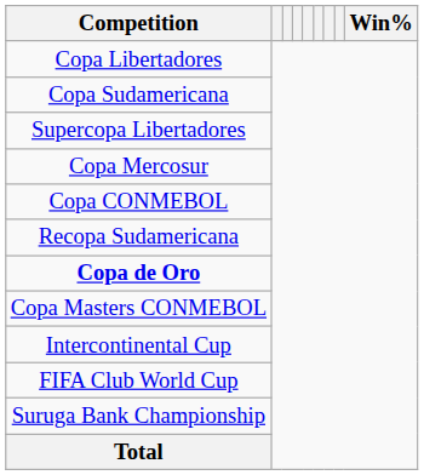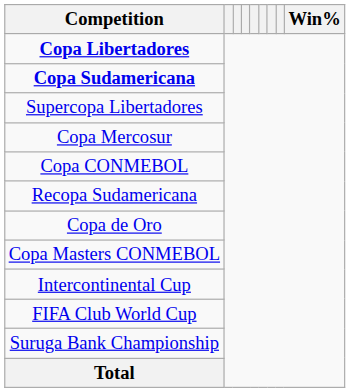 <table class="wikitable sortable plainrowheaders" style="margin:1em auto; text-align:center">
 <tr>
 <th scope="col">Competition</th>
 <th></th>
 <th></th>
 <th></th>
 <th></th>
 <th></th>
 <th></th>
 <th></th>
 <th scope="col">Win%</th>
 </tr>
 <tr>
-<td><a href='#'>Copa Libertadores</a><br></td>
+<td><strong><a href='#'>Copa Libertadores</a><br></strong></td>
 </tr>
 <tr>
-<td><a href='#'>Copa Sudamericana</a><br></td>
+<td><strong><a href='#'>Copa Sudamericana</a><br></strong></td>
 </tr>
 <tr>
 <td><a href='#'>Supercopa Libertadores</a><br></td>
 </tr>
 <tr>
 <td><a href='#'>Copa Mercosur</a><br></td>
 </tr>
 <tr>
 <td><a href='#'>Copa CONMEBOL</a><br></td>
 </tr>
 <tr>
 <td><a href='#'>Recopa Sudamericana</a><br></td>
 </tr>
 <tr>
-<td><strong><a href='#'>Copa de Oro</a><br></strong></td>
+<td><a href='#'>Copa de Oro</a><br></td>
 </tr>
 <tr>
 <td><a href='#'>Copa Masters CONMEBOL</a><br></td>
 </tr>
 <tr>
 <td><a href='#'>Intercontinental Cup</a><br></td>
 </tr>
 <tr>
 <td><a href='#'>FIFA Club World Cup</a><br></td>
 </tr>
 <tr>
 <td><a href='#'>Suruga Bank Championship</a><br></td>
 </tr>
 <tr>
 <th>Total<br></th>
 </tr>
 </table>
